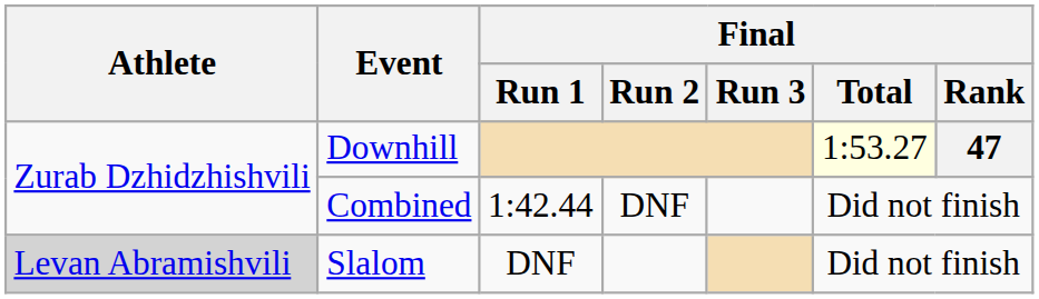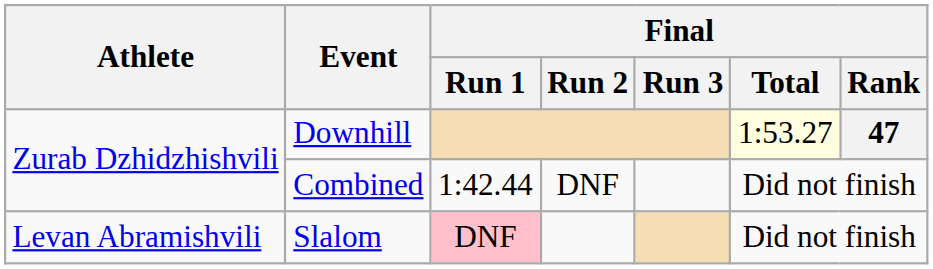 <table class="wikitable" style="font-size:90%">
 <tr>
 <th rowspan="2">Athlete</th>
 <th rowspan="2">Event</th>
 <th colspan="5">Final</th>
 </tr>
 <tr>
 <th>Run 1</th>
 <th>Run 2</th>
 <th>Run 3</th>
 <th>Total</th>
 <th>Rank</th>
 </tr>
 <tr>
 <td rowspan=2><a href='#'>Zurab Dzhidzhishvili</a></td>
 <td><a href='#'>Downhill</a></td>
 <td colspan=3 bgcolor="wheat"></td>
 <td align="center" style="background: lightyellow;">1:53.27</td>
 <th align="center">47</th>
 </tr>
 <tr>
 <td><a href='#'>Combined</a></td>
 <td align="center">1:42.44</td>
 <td align="center">DNF</td>
 <td align="center"></td>
 <td align="center" colspan=2>Did not finish</td>
 </tr>
 <tr>
-<td style="background: lightgrey;"><a href='#'>Levan Abramishvili</a></td>
+<td><a href='#'>Levan Abramishvili</a></td>
 <td><a href='#'>Slalom</a></td>
-<td align="center">DNF</td>
+<td align="center" style="background: pink;">DNF</td>
 <td align="center"></td>
 <td colspan=1 bgcolor="wheat"></td>
 <td align="center" colspan=2>Did not finish</td>
 </tr>
 </table>
